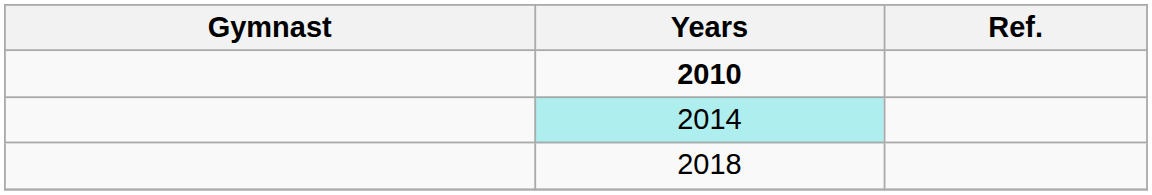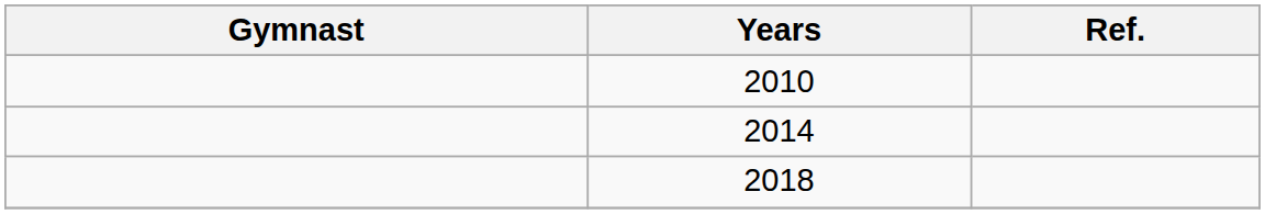 <table class="wikitable sortable" width=50% style="text-align:center;">
 <tr>
 <th>Gymnast</th>
 <th>Years</th>
 <th class="unsortable">Ref.</th>
 </tr>
 <tr>
 <td></td>
-<td><strong>2010</strong></td>
+<td>2010</td>
 <td></td>
 </tr>
 <tr>
 <td></td>
-<td style="background: paleturquoise;">2014</td>
+<td>2014</td>
 <td></td>
 </tr>
 <tr>
 <td></td>
 <td>2018</td>
 <td></td>
 </tr>
 <tr>
 </tr>
 </table>
